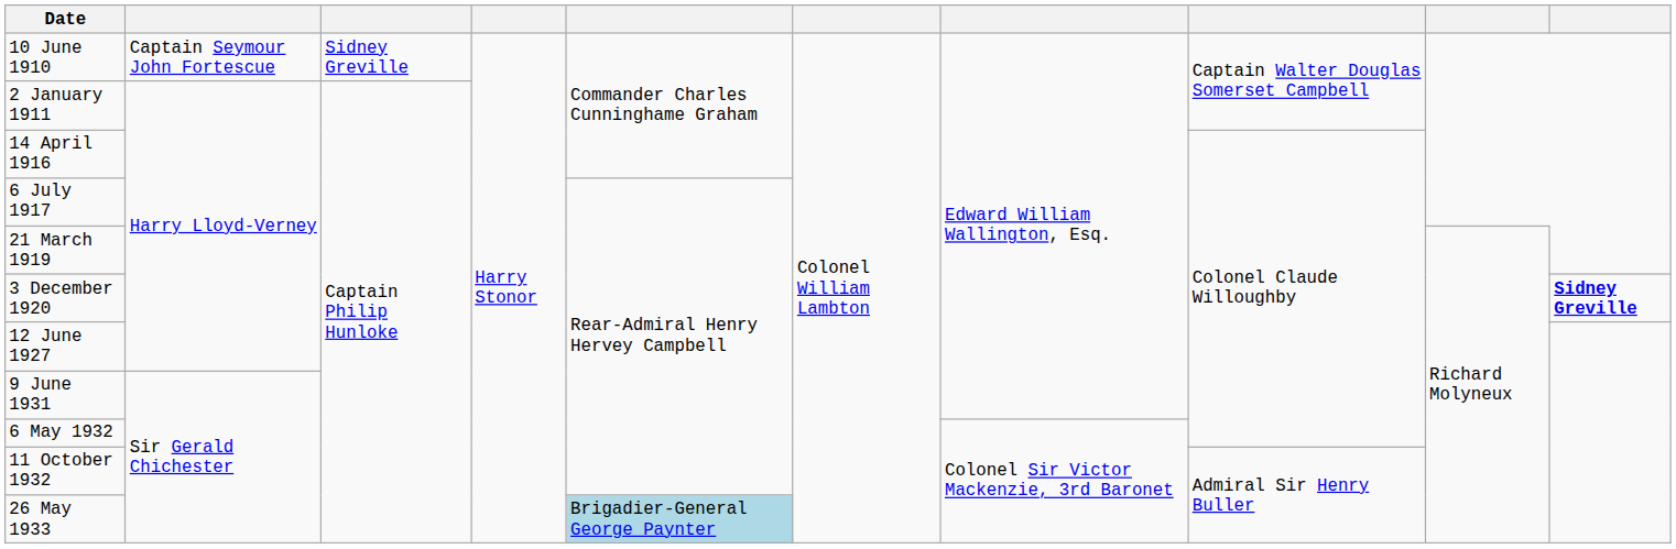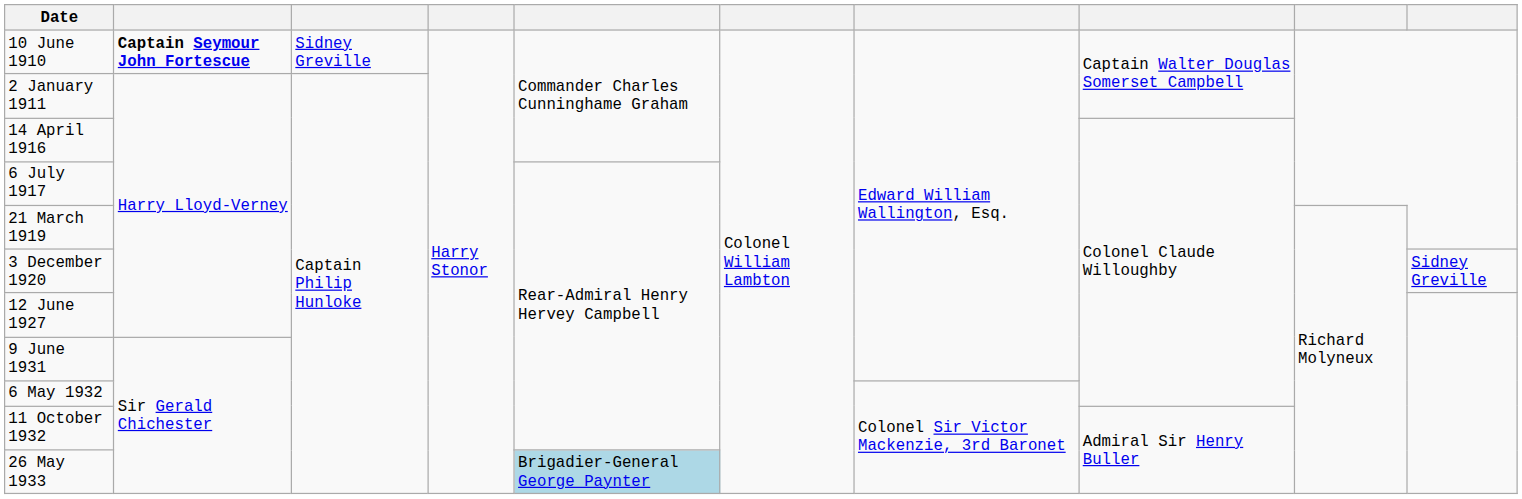 <table class="wikitable">
 <tr>
 <th>Date</th>
 <th></th>
 <th></th>
 <th></th>
 <th></th>
 <th></th>
 <th></th>
 <th></th>
 <th></th>
 <th></th>
 </tr>
 <tr>
 <td>10 June 1910</td>
-<td rowspan=1>Captain <a href='#'>Seymour John Fortescue</a></td>
+<td rowspan=1><strong>Captain <a href='#'>Seymour John Fortescue</a></strong></td>
 <td rowspan=1><a href='#'>Sidney Greville</a></td>
 <td rowspan=11><a href='#'>Harry Stonor</a></td>
 <td rowspan=3>Commander Charles Cunninghame Graham</td>
 <td rowspan=11>Colonel <a href='#'>William Lambton</a></td>
 <td rowspan=8><a href='#'>Edward William Wallington</a>, Esq.</td>
 <td rowspan=2>Captain <a href='#'>Walter Douglas Somerset Campbell</a></td>
 </tr>
 <tr>
 <td>2 January 1911</td>
 <td rowspan=6><a href='#'>Harry Lloyd-Verney</a></td>
 <td rowspan=10>Captain <a href='#'>Philip Hunloke</a></td>
 </tr>
 <tr>
 <td>14 April 1916</td>
 <td rowspan=7>Colonel Claude Willoughby</td>
 </tr>
 <tr>
 <td>6 July 1917</td>
 <td rowspan=7>Rear-Admiral Henry Hervey Campbell</td>
 </tr>
 <tr>
 <td>21 March 1919</td>
 <td rowspan=7>Richard Molyneux</td>
 </tr>
 <tr>
 <td>3 December 1920</td>
-<td rowspan=1><strong><a href='#'>Sidney Greville</a></strong></td>
+<td rowspan=1><a href='#'>Sidney Greville</a></td>
 </tr>
 <tr>
 <td>12 June 1927</td>
 </tr>
 <tr>
 <td>9 June 1931</td>
 <td rowspan=4>Sir <a href='#'>Gerald Chichester</a></td>
 </tr>
 <tr>
 <td>6 May 1932</td>
 <td rowspan=3>Colonel <a href='#'>Sir Victor Mackenzie, 3rd Baronet</a></td>
 </tr>
 <tr>
 <td>11 October 1932</td>
 <td rowspan=2>Admiral Sir <a href='#'>Henry Buller</a></td>
 </tr>
 <tr>
 <td>26 May 1933</td>
 <td rowspan=1 style="background: lightblue;">Brigadier-General <a href='#'>George Paynter</a></td>
 </tr>
 </table>
